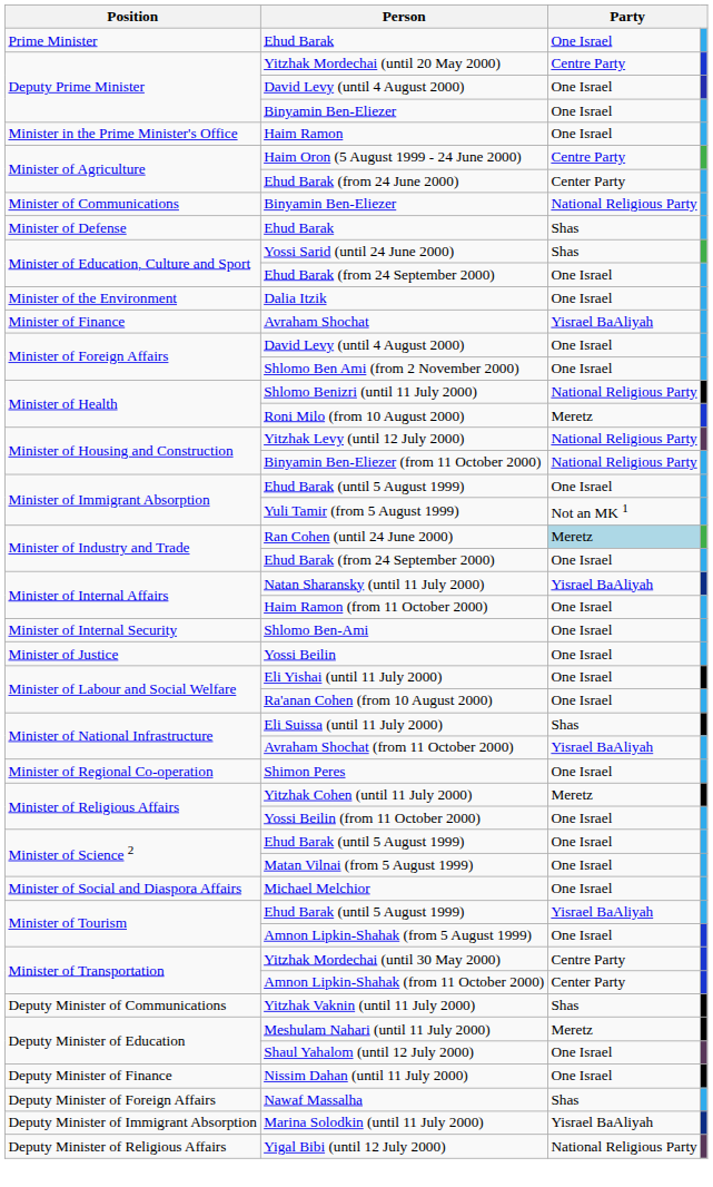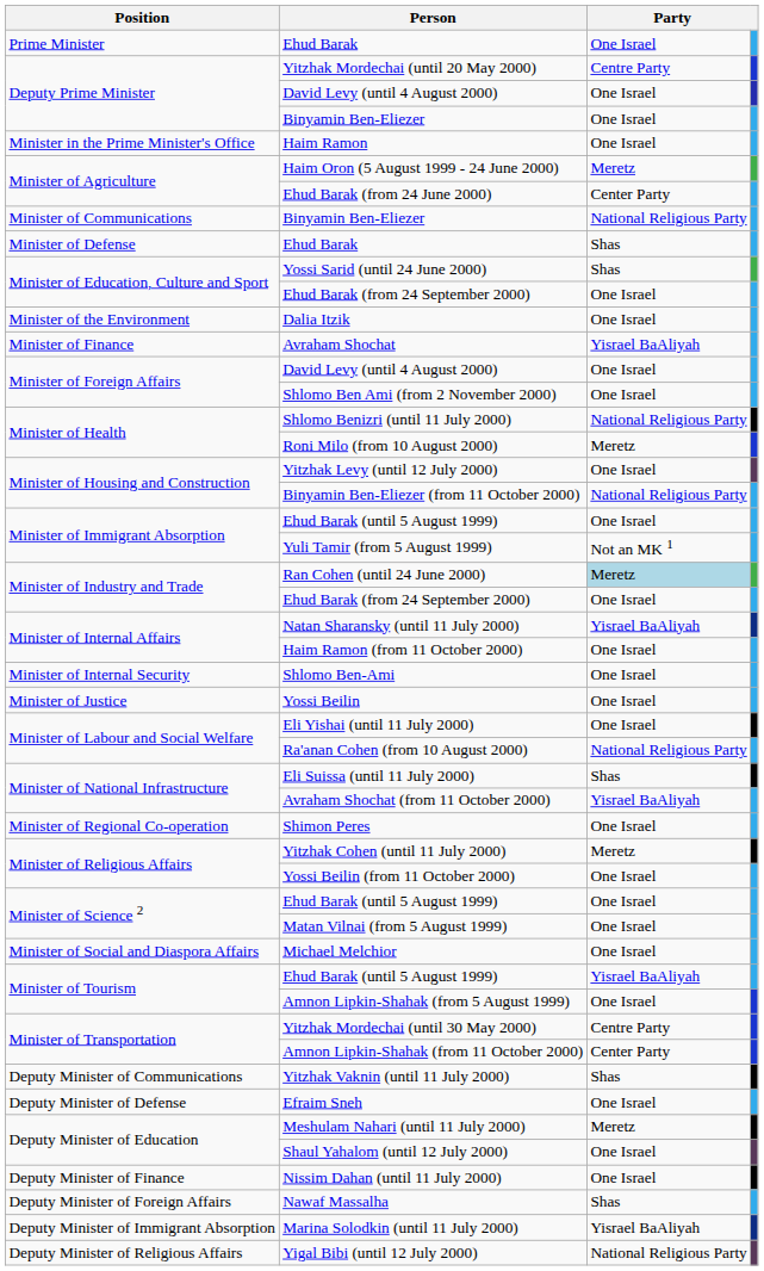 <table class=wikitable style="text-align:left">
 <tr>
 <th>Position</th>
 <th>Person</th>
 <th colspan=2>Party</th>
 </tr>
 <tr>
 <td><a href='#'>Prime Minister</a></td>
 <td><a href='#'>Ehud Barak</a></td>
 <td><a href='#'>One Israel</a></td>
 <td style="background:#30ABEC"></td>
 </tr>
 <tr>
 <td rowspan=3><a href='#'>Deputy Prime Minister</a></td>
 <td><a href='#'>Yitzhak Mordechai</a> (until 20 May 2000)</td>
 <td><a href='#'>Centre Party</a></td>
 <td style="background:#1935D0"></td>
 </tr>
 <tr>
 <td><a href='#'>David Levy</a> (until 4 August 2000)</td>
 <td>One Israel</td>
 <td style="background:#252CAE"></td>
 </tr>
 <tr>
 <td><a href='#'>Binyamin Ben-Eliezer</a></td>
 <td>One Israel</td>
 <td style="background:#30ABEC"></td>
 </tr>
 <tr>
 <td><a href='#'>Minister in the Prime Minister's Office</a></td>
 <td><a href='#'>Haim Ramon</a></td>
 <td>One Israel</td>
 <td style="background:#30ABEC"></td>
 </tr>
 <tr>
 <td rowspan=2><a href='#'>Minister of Agriculture</a></td>
 <td><a href='#'>Haim Oron</a> (5 August 1999 - 24 June 2000)</td>
-<td><a href='#'>Centre Party</a></td>
+<td><a href='#'>Meretz</a></td>
 <td style="background:#40AE49"></td>
 </tr>
 <tr>
 <td><a href='#'>Ehud Barak</a> (from 24 June 2000)</td>
 <td>Center Party</td>
 <td style="background:#30ABEC"></td>
 </tr>
 <tr>
 <td><a href='#'>Minister of Communications</a></td>
 <td><a href='#'>Binyamin Ben-Eliezer</a></td>
 <td><a href='#'>National Religious Party</a></td>
 <td style="background:#30ABEC"></td>
 </tr>
 <tr>
 <td><a href='#'>Minister of Defense</a></td>
 <td><a href='#'>Ehud Barak</a></td>
 <td>Shas</td>
 <td style="background:#30ABEC"></td>
 </tr>
 <tr>
 <td rowspan=2><a href='#'>Minister of Education, Culture and Sport</a></td>
 <td><a href='#'>Yossi Sarid</a> (until 24 June 2000)</td>
 <td>Shas</td>
 <td style="background:#40AE49"></td>
 </tr>
 <tr>
 <td><a href='#'>Ehud Barak</a> (from 24 September 2000)</td>
 <td>One Israel</td>
 <td style="background:#30ABEC"></td>
 </tr>
 <tr>
 <td><a href='#'>Minister of the Environment</a></td>
 <td><a href='#'>Dalia Itzik</a></td>
 <td>One Israel</td>
 <td style="background:#30ABEC"></td>
 </tr>
 <tr>
 <td><a href='#'>Minister of Finance</a></td>
 <td><a href='#'>Avraham Shochat</a></td>
 <td><a href='#'>Yisrael BaAliyah</a></td>
 <td style="background:#30ABEC"></td>
 </tr>
 <tr>
 <td rowspan=2><a href='#'>Minister of Foreign Affairs</a></td>
 <td><a href='#'>David Levy</a> (until 4 August 2000)</td>
 <td>One Israel</td>
 <td style="background:#30ABEC"></td>
 </tr>
 <tr>
 <td><a href='#'>Shlomo Ben Ami</a> (from 2 November 2000)</td>
 <td>One Israel</td>
 <td style="background:#30ABEC"></td>
 </tr>
 <tr>
 <td rowspan=2><a href='#'>Minister of Health</a></td>
 <td><a href='#'>Shlomo Benizri</a> (until 11 July 2000)</td>
 <td><a href='#'>National Religious Party</a></td>
 <td style="background:#000000"></td>
 </tr>
 <tr>
 <td><a href='#'>Roni Milo</a> (from 10 August 2000)</td>
 <td>Meretz</td>
 <td style="background:#1935D0"></td>
 </tr>
 <tr>
 <td rowspan=2><a href='#'>Minister of Housing and Construction</a></td>
 <td><a href='#'>Yitzhak Levy</a> (until 12 July 2000)</td>
-<td><a href='#'>National Religious Party</a></td>
+<td>One Israel</td>
 <td style="background:#583759"></td>
 </tr>
 <tr>
 <td><a href='#'>Binyamin Ben-Eliezer</a> (from 11 October 2000)</td>
 <td><a href='#'>National Religious Party</a></td>
 <td style="background:#30ABEC"></td>
 </tr>
 <tr>
 <td rowspan=2><a href='#'>Minister of Immigrant Absorption</a></td>
 <td><a href='#'>Ehud Barak</a> (until 5 August 1999)</td>
 <td>One Israel</td>
 <td style="background:#30ABEC"></td>
 </tr>
 <tr>
 <td><a href='#'>Yuli Tamir</a> (from 5 August 1999)</td>
 <td>Not an MK <sup>1</sup></td>
 <td style="background:#30ABEC"></td>
 </tr>
 <tr>
 <td rowspan=2><a href='#'>Minister of Industry and Trade</a></td>
 <td><a href='#'>Ran Cohen</a> (until 24 June 2000)</td>
 <td style="background: lightblue;">Meretz</td>
 <td style="background:#40AE49"></td>
 </tr>
 <tr>
 <td><a href='#'>Ehud Barak</a> (from 24 September 2000)</td>
 <td>One Israel</td>
 <td style="background:#30ABEC"></td>
 </tr>
 <tr>
 <td rowspan=2><a href='#'>Minister of Internal Affairs</a></td>
 <td><a href='#'>Natan Sharansky</a> (until 11 July 2000)</td>
 <td><a href='#'>Yisrael BaAliyah</a></td>
 <td style="background:#0C2C84"></td>
 </tr>
 <tr>
 <td><a href='#'>Haim Ramon</a> (from 11 October 2000)</td>
 <td>One Israel</td>
 <td style="background:#30ABEC"></td>
 </tr>
 <tr>
 <td><a href='#'>Minister of Internal Security</a></td>
 <td><a href='#'>Shlomo Ben-Ami</a></td>
 <td>One Israel</td>
 <td style="background:#30ABEC"></td>
 </tr>
 <tr>
 <td><a href='#'>Minister of Justice</a></td>
 <td><a href='#'>Yossi Beilin</a></td>
 <td>One Israel</td>
 <td style="background:#30ABEC"></td>
 </tr>
 <tr>
 <td rowspan=2><a href='#'>Minister of Labour and Social Welfare</a></td>
 <td><a href='#'>Eli Yishai</a> (until 11 July 2000)</td>
 <td>One Israel</td>
 <td style="background:#000000"></td>
 </tr>
 <tr>
 <td><a href='#'>Ra'anan Cohen</a> (from 10 August 2000)</td>
-<td>One Israel</td>
+<td><a href='#'>National Religious Party</a></td>
 <td style="background:#30ABEC"></td>
 </tr>
 <tr>
 <td rowspan=2><a href='#'>Minister of National Infrastructure</a></td>
 <td><a href='#'>Eli Suissa</a> (until 11 July 2000)</td>
 <td>Shas</td>
 <td style="background:#000000"></td>
 </tr>
 <tr>
 <td><a href='#'>Avraham Shochat</a> (from 11 October 2000)</td>
 <td><a href='#'>Yisrael BaAliyah</a></td>
 <td style="background:#30ABEC"></td>
 </tr>
 <tr>
 <td><a href='#'>Minister of Regional Co-operation</a></td>
 <td><a href='#'>Shimon Peres</a></td>
 <td>One Israel</td>
 <td style="background:#30ABEC"></td>
 </tr>
 <tr>
 <td rowspan=2><a href='#'>Minister of Religious Affairs</a></td>
 <td><a href='#'>Yitzhak Cohen</a> (until 11 July 2000)</td>
 <td>Meretz</td>
 <td style="background:#000000"></td>
 </tr>
 <tr>
 <td><a href='#'>Yossi Beilin</a> (from 11 October 2000)</td>
 <td>One Israel</td>
 <td style="background:#30ABEC"></td>
 </tr>
 <tr>
 <td rowspan=2><a href='#'>Minister of Science</a> <sup>2</sup></td>
 <td><a href='#'>Ehud Barak</a> (until 5 August 1999)</td>
 <td>One Israel</td>
 <td style="background:#30ABEC"></td>
 </tr>
 <tr>
 <td><a href='#'>Matan Vilnai</a> (from 5 August 1999)</td>
 <td>One Israel</td>
 <td style="background:#30ABEC"></td>
 </tr>
 <tr>
 <td><a href='#'>Minister of Social and Diaspora Affairs</a></td>
 <td><a href='#'>Michael Melchior</a></td>
 <td>One Israel</td>
 <td style="background:#30ABEC"></td>
 </tr>
 <tr>
 <td rowspan=2><a href='#'>Minister of Tourism</a></td>
 <td><a href='#'>Ehud Barak</a> (until 5 August 1999)</td>
 <td><a href='#'>Yisrael BaAliyah</a></td>
 <td style="background:#30ABEC"></td>
 </tr>
 <tr>
 <td><a href='#'>Amnon Lipkin-Shahak</a> (from 5 August 1999)</td>
 <td>One Israel</td>
 <td style="background:#1935D0"></td>
 </tr>
 <tr>
 <td rowspan=2><a href='#'>Minister of Transportation</a></td>
 <td><a href='#'>Yitzhak Mordechai</a> (until 30 May 2000)</td>
 <td>Centre Party</td>
 <td style="background:#1935D0"></td>
 </tr>
 <tr>
 <td><a href='#'>Amnon Lipkin-Shahak</a> (from 11 October 2000)</td>
 <td>Center Party</td>
 <td style="background:#1935D0"></td>
 </tr>
 <tr>
 <td>Deputy Minister of Communications</td>
 <td><a href='#'>Yitzhak Vaknin</a> (until 11 July 2000)</td>
 <td>Shas</td>
 <td style="background:#000000"></td>
 </tr>
 <tr>
+<td>Deputy Minister of Defense</td>
+<td><a href='#'>Efraim Sneh</a></td>
+<td>One Israel</td>
+<td style="background:#30ABEC"></td>
+</tr>
+<tr>
 <td rowspan=2>Deputy Minister of Education</td>
 <td><a href='#'>Meshulam Nahari</a> (until 11 July 2000)</td>
 <td>Meretz</td>
 <td style="background:#000000"></td>
 </tr>
 <tr>
 <td><a href='#'>Shaul Yahalom</a> (until 12 July 2000)</td>
 <td>One Israel</td>
 <td style="background:#583759"></td>
 </tr>
 <tr>
 <td>Deputy Minister of Finance</td>
 <td><a href='#'>Nissim Dahan</a> (until 11 July 2000)</td>
 <td>One Israel</td>
 <td style="background:#000000"></td>
 </tr>
 <tr>
 <td>Deputy Minister of Foreign Affairs</td>
 <td><a href='#'>Nawaf Massalha</a></td>
 <td>Shas</td>
 <td style="background:#30ABEC"></td>
 </tr>
 <tr>
 <td>Deputy Minister of Immigrant Absorption</td>
 <td><a href='#'>Marina Solodkin</a> (until 11 July 2000)</td>
 <td>Yisrael BaAliyah</td>
 <td style="background:#0C2C84"></td>
 </tr>
 <tr>
 <td>Deputy Minister of Religious Affairs</td>
 <td><a href='#'>Yigal Bibi</a> (until 12 July 2000)</td>
 <td>National Religious Party</td>
 <td style="background:#583759"></td>
 </tr>
 </table>
